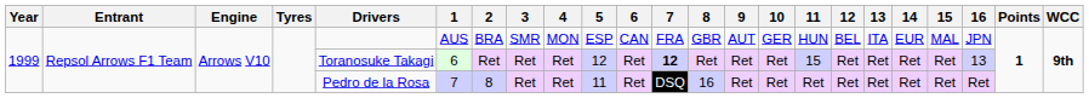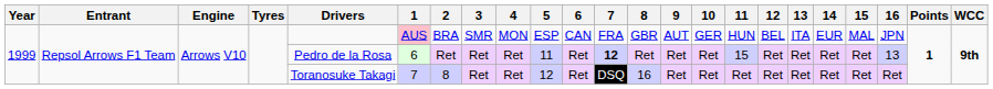 <table class="wikitable" style="text-align:center; font-size:95%">
 <tr>
 <th>Year</th>
 <th>Entrant</th>
 <th>Engine</th>
 <th>Tyres</th>
 <th>Drivers</th>
 <th>1</th>
 <th>2</th>
 <th>3</th>
 <th>4</th>
 <th>5</th>
 <th>6</th>
 <th>7</th>
 <th>8</th>
 <th>9</th>
 <th>10</th>
 <th>11</th>
 <th>12</th>
 <th>13</th>
 <th>14</th>
 <th>15</th>
 <th>16</th>
 <th>Points</th>
 <th>WCC</th>
 </tr>
 <tr>
 <td rowspan="3"><a href='#'>1999</a></td>
 <td rowspan="3"><a href='#'>Repsol Arrows F1 Team</a></td>
 <td rowspan="3"><a href='#'>Arrows</a> <a href='#'>V10</a></td>
 <td rowspan="3"></td>
 <td></td>
-<td><a href='#'>AUS</a></td>
+<td style="background: pink;"><a href='#'>AUS</a></td>
 <td><a href='#'>BRA</a></td>
 <td><a href='#'>SMR</a></td>
 <td><a href='#'>MON</a></td>
 <td><a href='#'>ESP</a></td>
 <td><a href='#'>CAN</a></td>
 <td><a href='#'>FRA</a></td>
 <td><a href='#'>GBR</a></td>
 <td><a href='#'>AUT</a></td>
 <td><a href='#'>GER</a></td>
 <td><a href='#'>HUN</a></td>
 <td><a href='#'>BEL</a></td>
 <td><a href='#'>ITA</a></td>
 <td><a href='#'>EUR</a></td>
 <td><a href='#'>MAL</a></td>
 <td><a href='#'>JPN</a></td>
 <td rowspan="3"><strong>1</strong></td>
 <td rowspan="3"><strong>9th</strong></td>
 </tr>
 <tr>
-<td><a href='#'>Toranosuke Takagi</a></td>
+<td><a href='#'>Pedro de la Rosa</a></td>
 <td style="background:#dfffdf;">6</td>
 <td style="background:#efcfff;">Ret</td>
 <td style="background:#efcfff;">Ret</td>
 <td style="background:#efcfff;">Ret</td>
-<td style="background:#cfcfff;">12</td>
+<td style="background:#cfcfff;">11</td>
 <td style="background:#efcfff;">Ret</td>
 <td style="background:#cfcfff;"><strong>12</strong></td>
 <td style="background:#efcfff;">Ret</td>
 <td style="background:#efcfff;">Ret</td>
 <td style="background:#efcfff;">Ret</td>
 <td style="background:#cfcfff;">15</td>
 <td style="background:#efcfff;">Ret</td>
 <td style="background:#efcfff;">Ret</td>
 <td style="background:#efcfff;">Ret</td>
 <td style="background:#efcfff;">Ret</td>
 <td style="background:#cfcfff;">13</td>
 </tr>
 <tr>
-<td><a href='#'>Pedro de la Rosa</a></td>
+<td><a href='#'>Toranosuke Takagi</a></td>
 <td style="background:#cfcfff;">7</td>
 <td style="background:#cfcfff;">8</td>
 <td style="background:#efcfff;">Ret</td>
 <td style="background:#efcfff;">Ret</td>
-<td style="background:#cfcfff;">11</td>
+<td style="background:#cfcfff;">12</td>
 <td style="background:#efcfff;">Ret</td>
 <td style="background:#000; color:white;">DSQ</td>
 <td style="background:#cfcfff;">16</td>
 <td style="background:#efcfff;">Ret</td>
 <td style="background:#efcfff;">Ret</td>
 <td style="background:#efcfff;">Ret</td>
 <td style="background:#efcfff;">Ret</td>
 <td style="background:#efcfff;">Ret</td>
 <td style="background:#efcfff;">Ret</td>
 <td style="background:#efcfff;">Ret</td>
 <td style="background:#efcfff;">Ret</td>
 </tr>
 </table>
